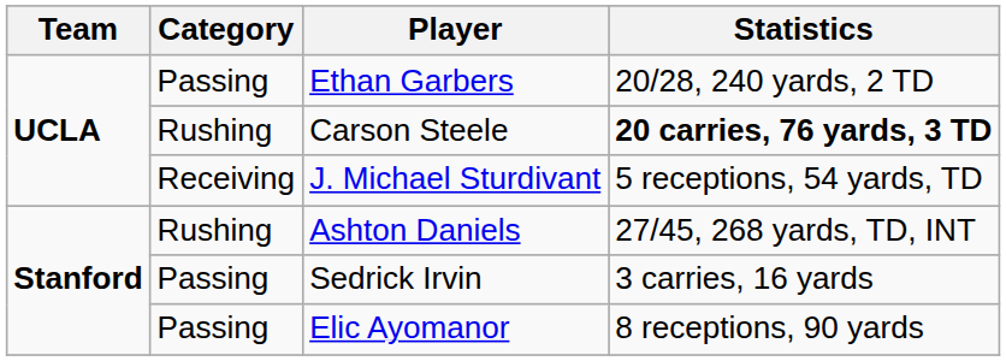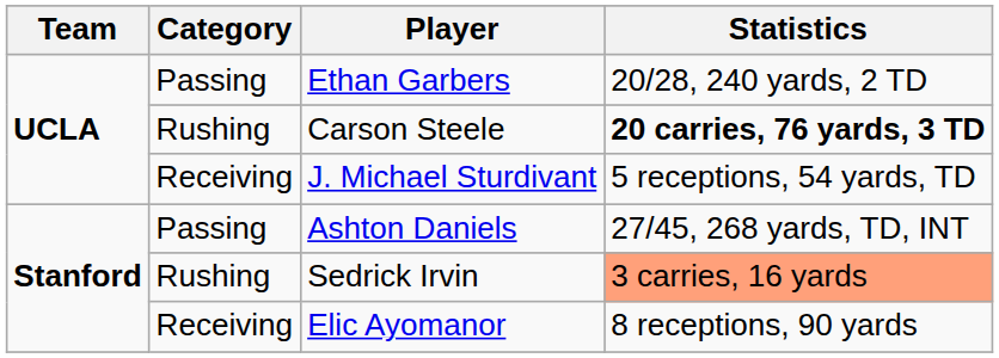 <table class="wikitable" style="float: right;">
 <tr>
 <th>Team</th>
 <th>Category</th>
 <th>Player</th>
 <th>Statistics</th>
 </tr>
 <tr>
 <td rowspan=3><strong>UCLA</strong></td>
 <td>Passing</td>
 <td><a href='#'>Ethan Garbers</a></td>
 <td>20/28, 240 yards, 2 TD</td>
 </tr>
 <tr>
 <td>Rushing</td>
 <td>Carson Steele</td>
 <td><strong>20 carries, 76 yards, 3 TD</strong></td>
 </tr>
 <tr>
 <td>Receiving</td>
 <td><a href='#'>J. Michael Sturdivant</a></td>
 <td>5 receptions, 54 yards, TD</td>
 </tr>
 <tr>
 <td rowspan=3><strong>Stanford</strong></td>
-<td>Rushing</td>
+<td>Passing</td>
 <td><a href='#'>Ashton Daniels</a></td>
 <td>27/45, 268 yards, TD, INT</td>
 </tr>
 <tr>
-<td>Passing</td>
+<td>Rushing</td>
 <td>Sedrick Irvin</td>
-<td>3 carries, 16 yards</td>
+<td style="background: lightsalmon;">3 carries, 16 yards</td>
 </tr>
 <tr>
-<td>Passing</td>
+<td>Receiving</td>
 <td><a href='#'>Elic Ayomanor</a></td>
 <td>8 receptions, 90 yards</td>
 </tr>
 </table>
